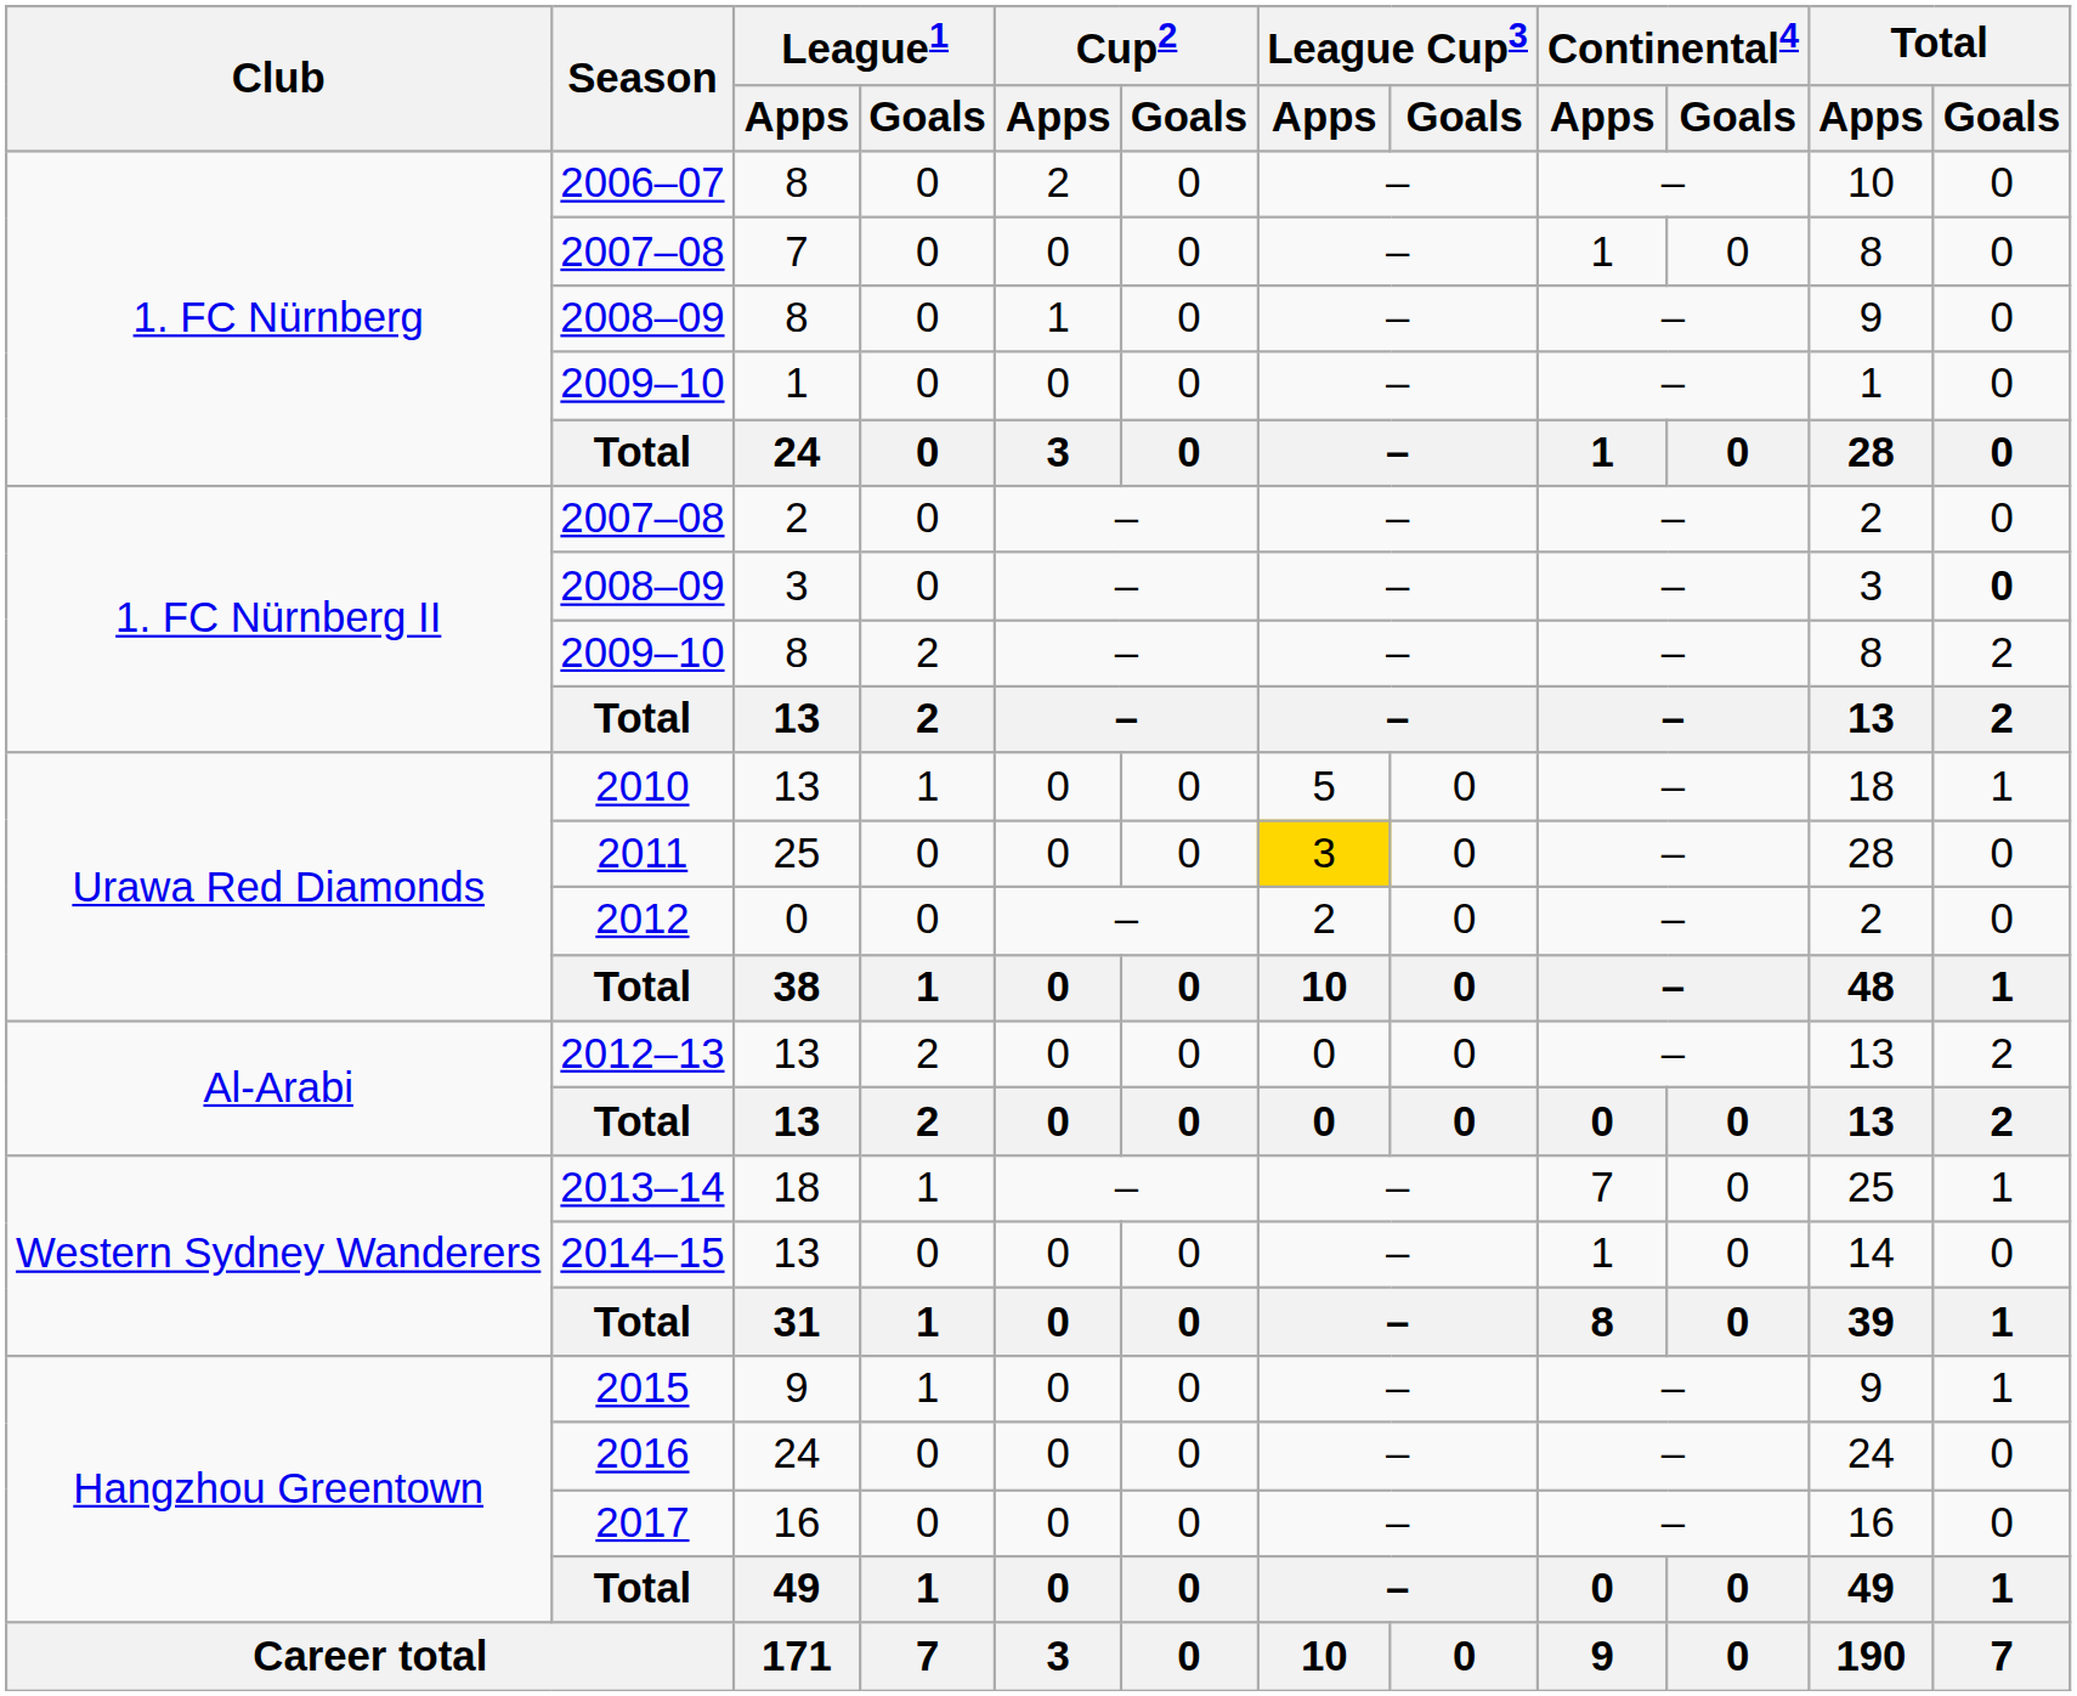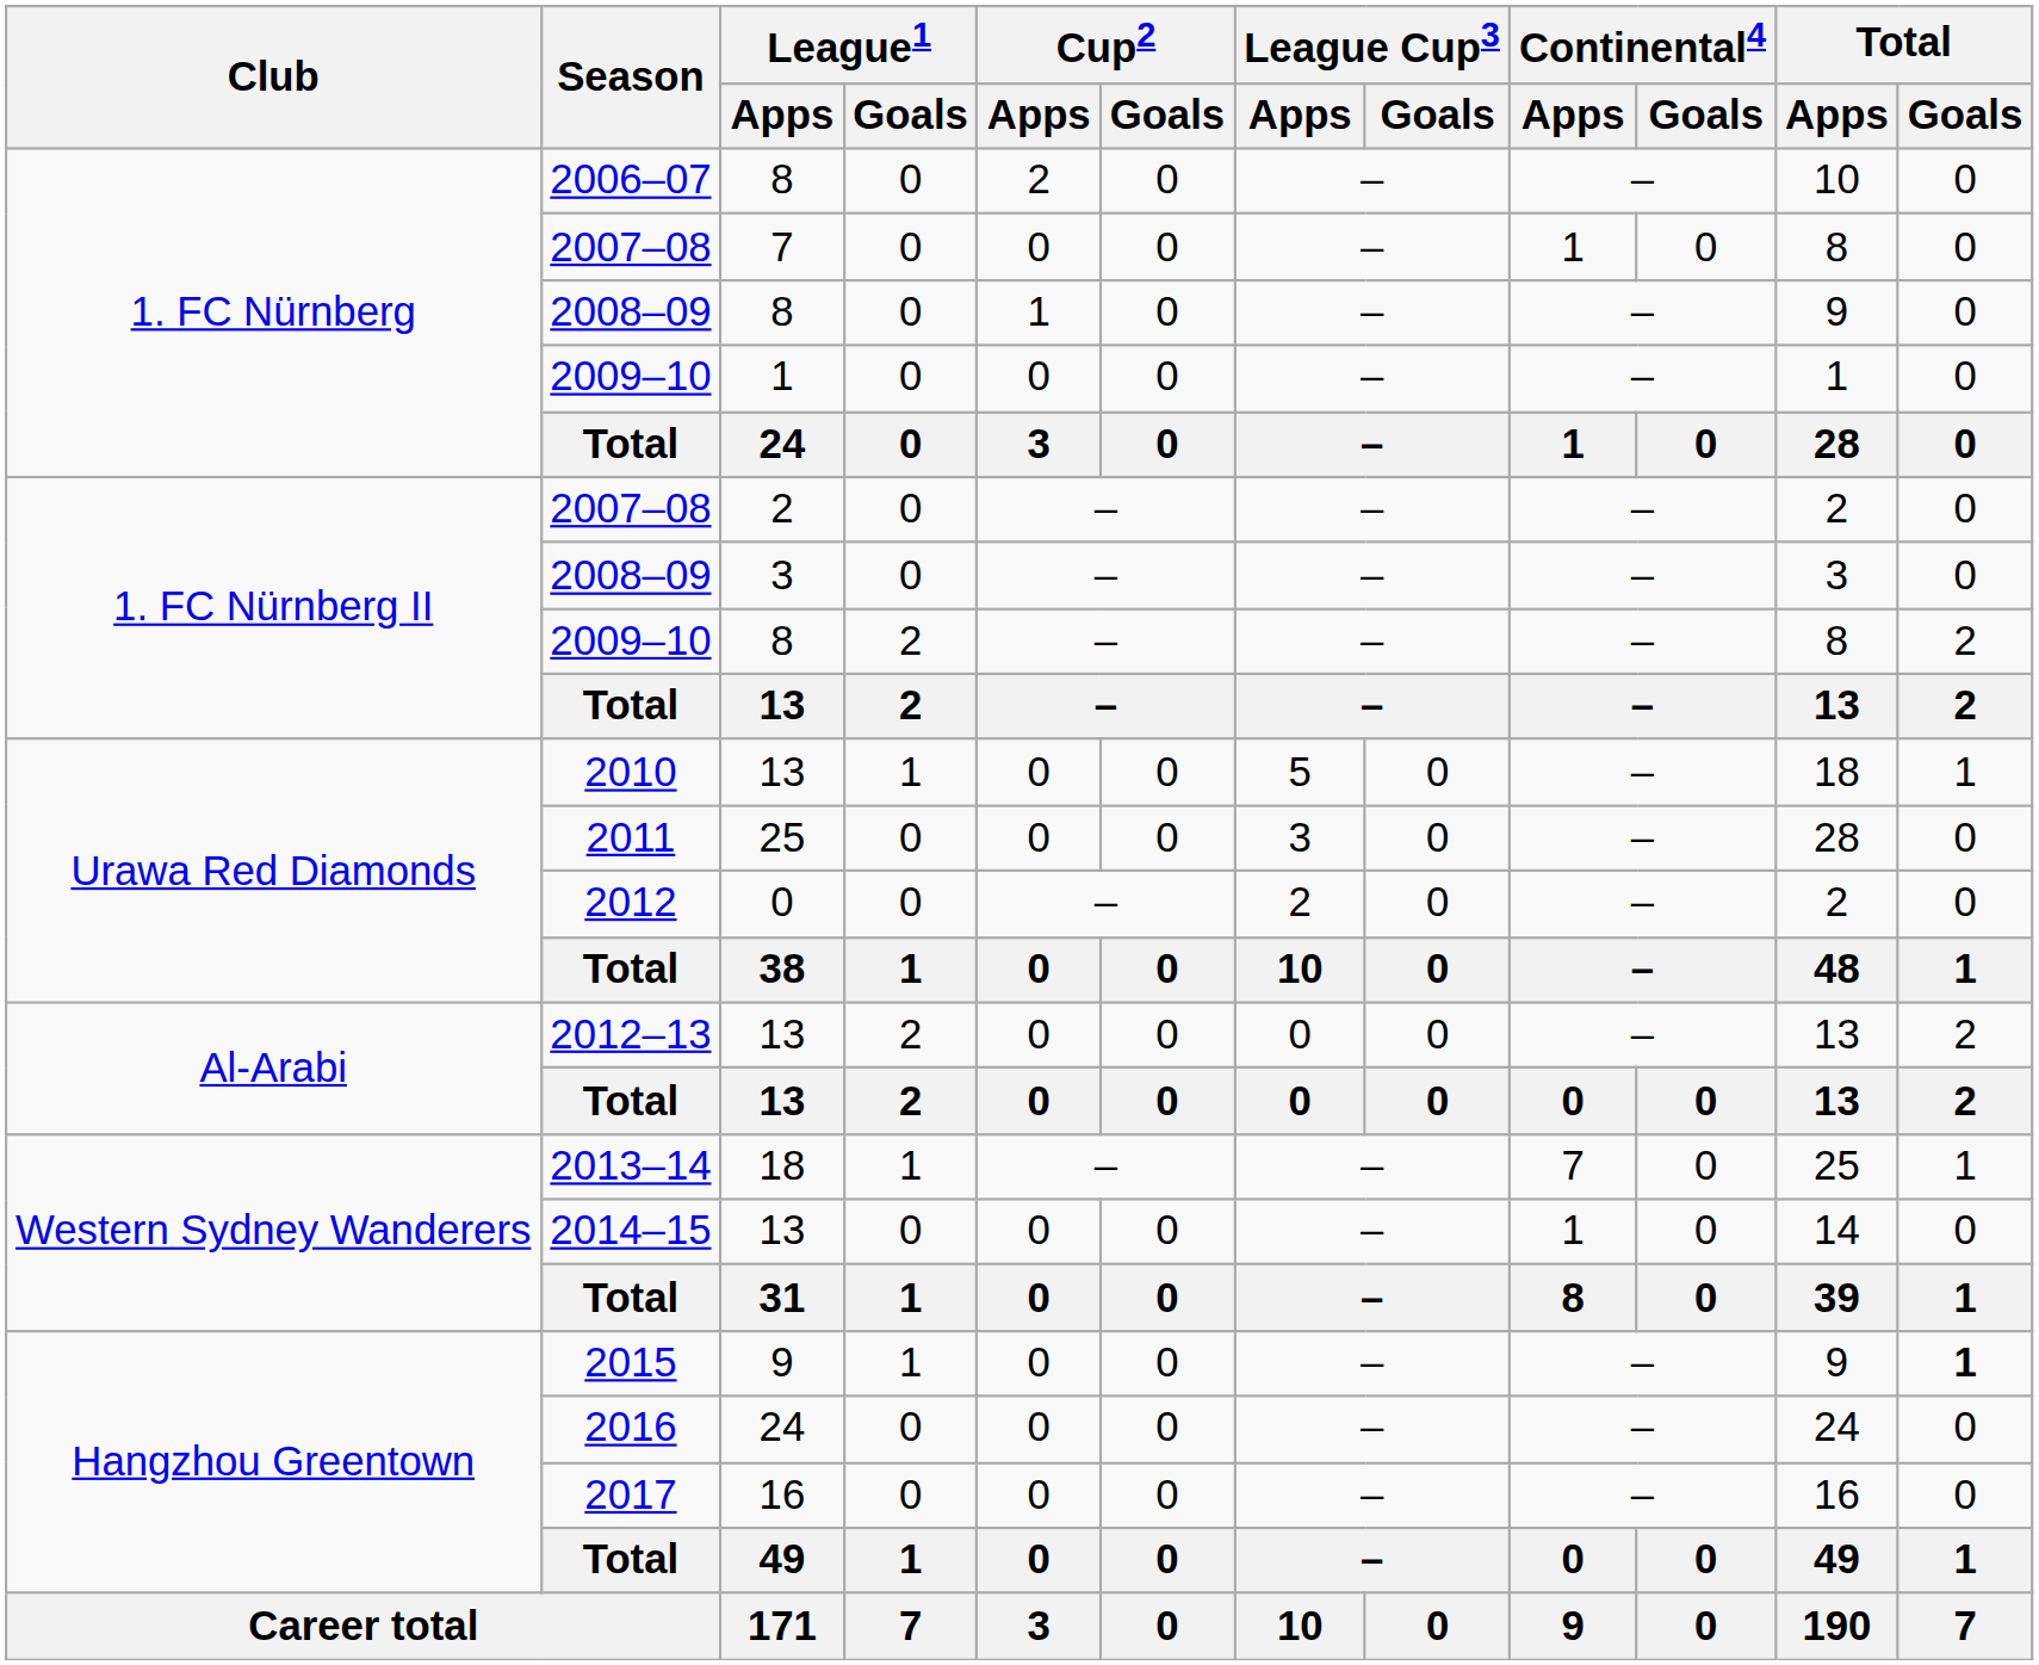 <table class="wikitable" style="text-align:center;">
 <tr>
 <th rowspan="2">Club</th>
 <th rowspan="2">Season</th>
 <th colspan="2">League<sup><a href='#'>1</a></sup></th>
 <th colspan="2">Cup<sup><a href='#'>2</a></sup></th>
 <th colspan="2">League Cup<sup><a href='#'>3</a></sup></th>
 <th colspan="2">Continental<sup><a href='#'>4</a></sup></th>
 <th colspan="2">Total</th>
 </tr>
 <tr>
 <th>Apps</th>
 <th>Goals</th>
 <th>Apps</th>
 <th>Goals</th>
 <th>Apps</th>
 <th>Goals</th>
 <th>Apps</th>
 <th>Goals</th>
 <th>Apps</th>
 <th>Goals</th>
 </tr>
 <tr>
 <td rowspan="5"><a href='#'>1. FC Nürnberg</a></td>
 <td><a href='#'>2006–07</a></td>
 <td>8</td>
 <td>0</td>
 <td>2</td>
 <td>0</td>
 <td colspan="2">–</td>
 <td colspan="2">–</td>
 <td>10</td>
 <td>0</td>
 </tr>
 <tr>
 <td><a href='#'>2007–08</a></td>
 <td>7</td>
 <td>0</td>
 <td>0</td>
 <td>0</td>
 <td colspan="2">–</td>
 <td>1</td>
 <td>0</td>
 <td>8</td>
 <td>0</td>
 </tr>
 <tr>
 <td><a href='#'>2008–09</a></td>
 <td>8</td>
 <td>0</td>
 <td>1</td>
 <td>0</td>
 <td colspan="2">–</td>
 <td colspan="2">–</td>
 <td>9</td>
 <td>0</td>
 </tr>
 <tr>
 <td><a href='#'>2009–10</a></td>
 <td>1</td>
 <td>0</td>
 <td>0</td>
 <td>0</td>
 <td colspan="2">–</td>
 <td colspan="2">–</td>
 <td>1</td>
 <td>0</td>
 </tr>
 <tr>
 <th>Total</th>
 <th>24</th>
 <th>0</th>
 <th>3</th>
 <th>0</th>
 <th colspan="2">–</th>
 <th>1</th>
 <th>0</th>
 <th>28</th>
 <th>0</th>
 </tr>
 <tr>
 <td rowspan="4"><a href='#'>1. FC Nürnberg II</a></td>
 <td><a href='#'>2007–08</a></td>
 <td>2</td>
 <td>0</td>
 <td colspan="2">–</td>
 <td colspan="2">–</td>
 <td colspan="2">–</td>
 <td>2</td>
 <td>0</td>
 </tr>
 <tr>
 <td><a href='#'>2008–09</a></td>
 <td>3</td>
 <td>0</td>
 <td colspan="2">–</td>
 <td colspan="2">–</td>
 <td colspan="2">–</td>
 <td>3</td>
-<td><strong>0</strong></td>
+<td>0</td>
 </tr>
 <tr>
 <td><a href='#'>2009–10</a></td>
 <td>8</td>
 <td>2</td>
 <td colspan="2">–</td>
 <td colspan="2">–</td>
 <td colspan="2">–</td>
 <td>8</td>
 <td>2</td>
 </tr>
 <tr>
 <th>Total</th>
 <th>13</th>
 <th>2</th>
 <th colspan="2">–</th>
 <th colspan="2">–</th>
 <th colspan="2">–</th>
 <th>13</th>
 <th>2</th>
 </tr>
 <tr>
 <td rowspan="4"><a href='#'>Urawa Red Diamonds</a></td>
 <td><a href='#'>2010</a></td>
 <td>13</td>
 <td>1</td>
 <td>0</td>
 <td>0</td>
 <td>5</td>
 <td>0</td>
 <td colspan="2">–</td>
 <td>18</td>
 <td>1</td>
 </tr>
 <tr>
 <td><a href='#'>2011</a></td>
 <td>25</td>
 <td>0</td>
 <td>0</td>
 <td>0</td>
-<td style="background: gold;">3</td>
+<td>3</td>
 <td>0</td>
 <td colspan="2">–</td>
 <td>28</td>
 <td>0</td>
 </tr>
 <tr>
 <td><a href='#'>2012</a></td>
 <td>0</td>
 <td>0</td>
 <td colspan="2">–</td>
 <td>2</td>
 <td>0</td>
 <td colspan="2">–</td>
 <td>2</td>
 <td>0</td>
 </tr>
 <tr>
 <th>Total</th>
 <th>38</th>
 <th>1</th>
 <th>0</th>
 <th>0</th>
 <th>10</th>
 <th>0</th>
 <th colspan="2">–</th>
 <th>48</th>
 <th>1</th>
 </tr>
 <tr>
 <td rowspan="2"><a href='#'>Al-Arabi</a></td>
 <td><a href='#'>2012–13</a></td>
 <td>13</td>
 <td>2</td>
 <td>0</td>
 <td>0</td>
 <td>0</td>
 <td>0</td>
 <td colspan="2">–</td>
 <td>13</td>
 <td>2</td>
 </tr>
 <tr>
 <th>Total</th>
 <th>13</th>
 <th>2</th>
 <th>0</th>
 <th>0</th>
 <th>0</th>
 <th>0</th>
 <th>0</th>
 <th>0</th>
 <th>13</th>
 <th>2</th>
 </tr>
 <tr>
 <td rowspan="3"><a href='#'>Western Sydney Wanderers</a></td>
 <td><a href='#'>2013–14</a></td>
 <td>18</td>
 <td>1</td>
 <td colspan="2">–</td>
 <td colspan="2">–</td>
 <td>7</td>
 <td>0</td>
 <td>25</td>
 <td>1</td>
 </tr>
 <tr>
 <td><a href='#'>2014–15</a></td>
 <td>13</td>
 <td>0</td>
 <td>0</td>
 <td>0</td>
 <td colspan="2">–</td>
 <td>1</td>
 <td>0</td>
 <td>14</td>
 <td>0</td>
 </tr>
 <tr>
 <th>Total</th>
 <th>31</th>
 <th>1</th>
 <th>0</th>
 <th>0</th>
 <th colspan="2">–</th>
 <th>8</th>
 <th>0</th>
 <th>39</th>
 <th>1</th>
 </tr>
 <tr>
 <td rowspan="4"><a href='#'>Hangzhou Greentown</a></td>
 <td><a href='#'>2015</a></td>
 <td>9</td>
 <td>1</td>
 <td>0</td>
 <td>0</td>
 <td colspan="2">–</td>
 <td colspan="2">–</td>
 <td>9</td>
-<td>1</td>
+<td><strong>1</strong></td>
 </tr>
 <tr>
 <td><a href='#'>2016</a></td>
 <td>24</td>
 <td>0</td>
 <td>0</td>
 <td>0</td>
 <td colspan="2">–</td>
 <td colspan="2">–</td>
 <td>24</td>
 <td>0</td>
 </tr>
 <tr>
 <td><a href='#'>2017</a></td>
 <td>16</td>
 <td>0</td>
 <td>0</td>
 <td>0</td>
 <td colspan="2">–</td>
 <td colspan="2">–</td>
 <td>16</td>
 <td>0</td>
 </tr>
 <tr>
 <th>Total</th>
 <th>49</th>
 <th>1</th>
 <th>0</th>
 <th>0</th>
 <th colspan="2">–</th>
 <th>0</th>
 <th>0</th>
 <th>49</th>
 <th>1</th>
 </tr>
 <tr>
 <th colspan="2">Career total</th>
 <th>171</th>
 <th>7</th>
 <th>3</th>
 <th>0</th>
 <th>10</th>
 <th>0</th>
 <th>9</th>
 <th>0</th>
 <th>190</th>
 <th>7</th>
 </tr>
 </table>
